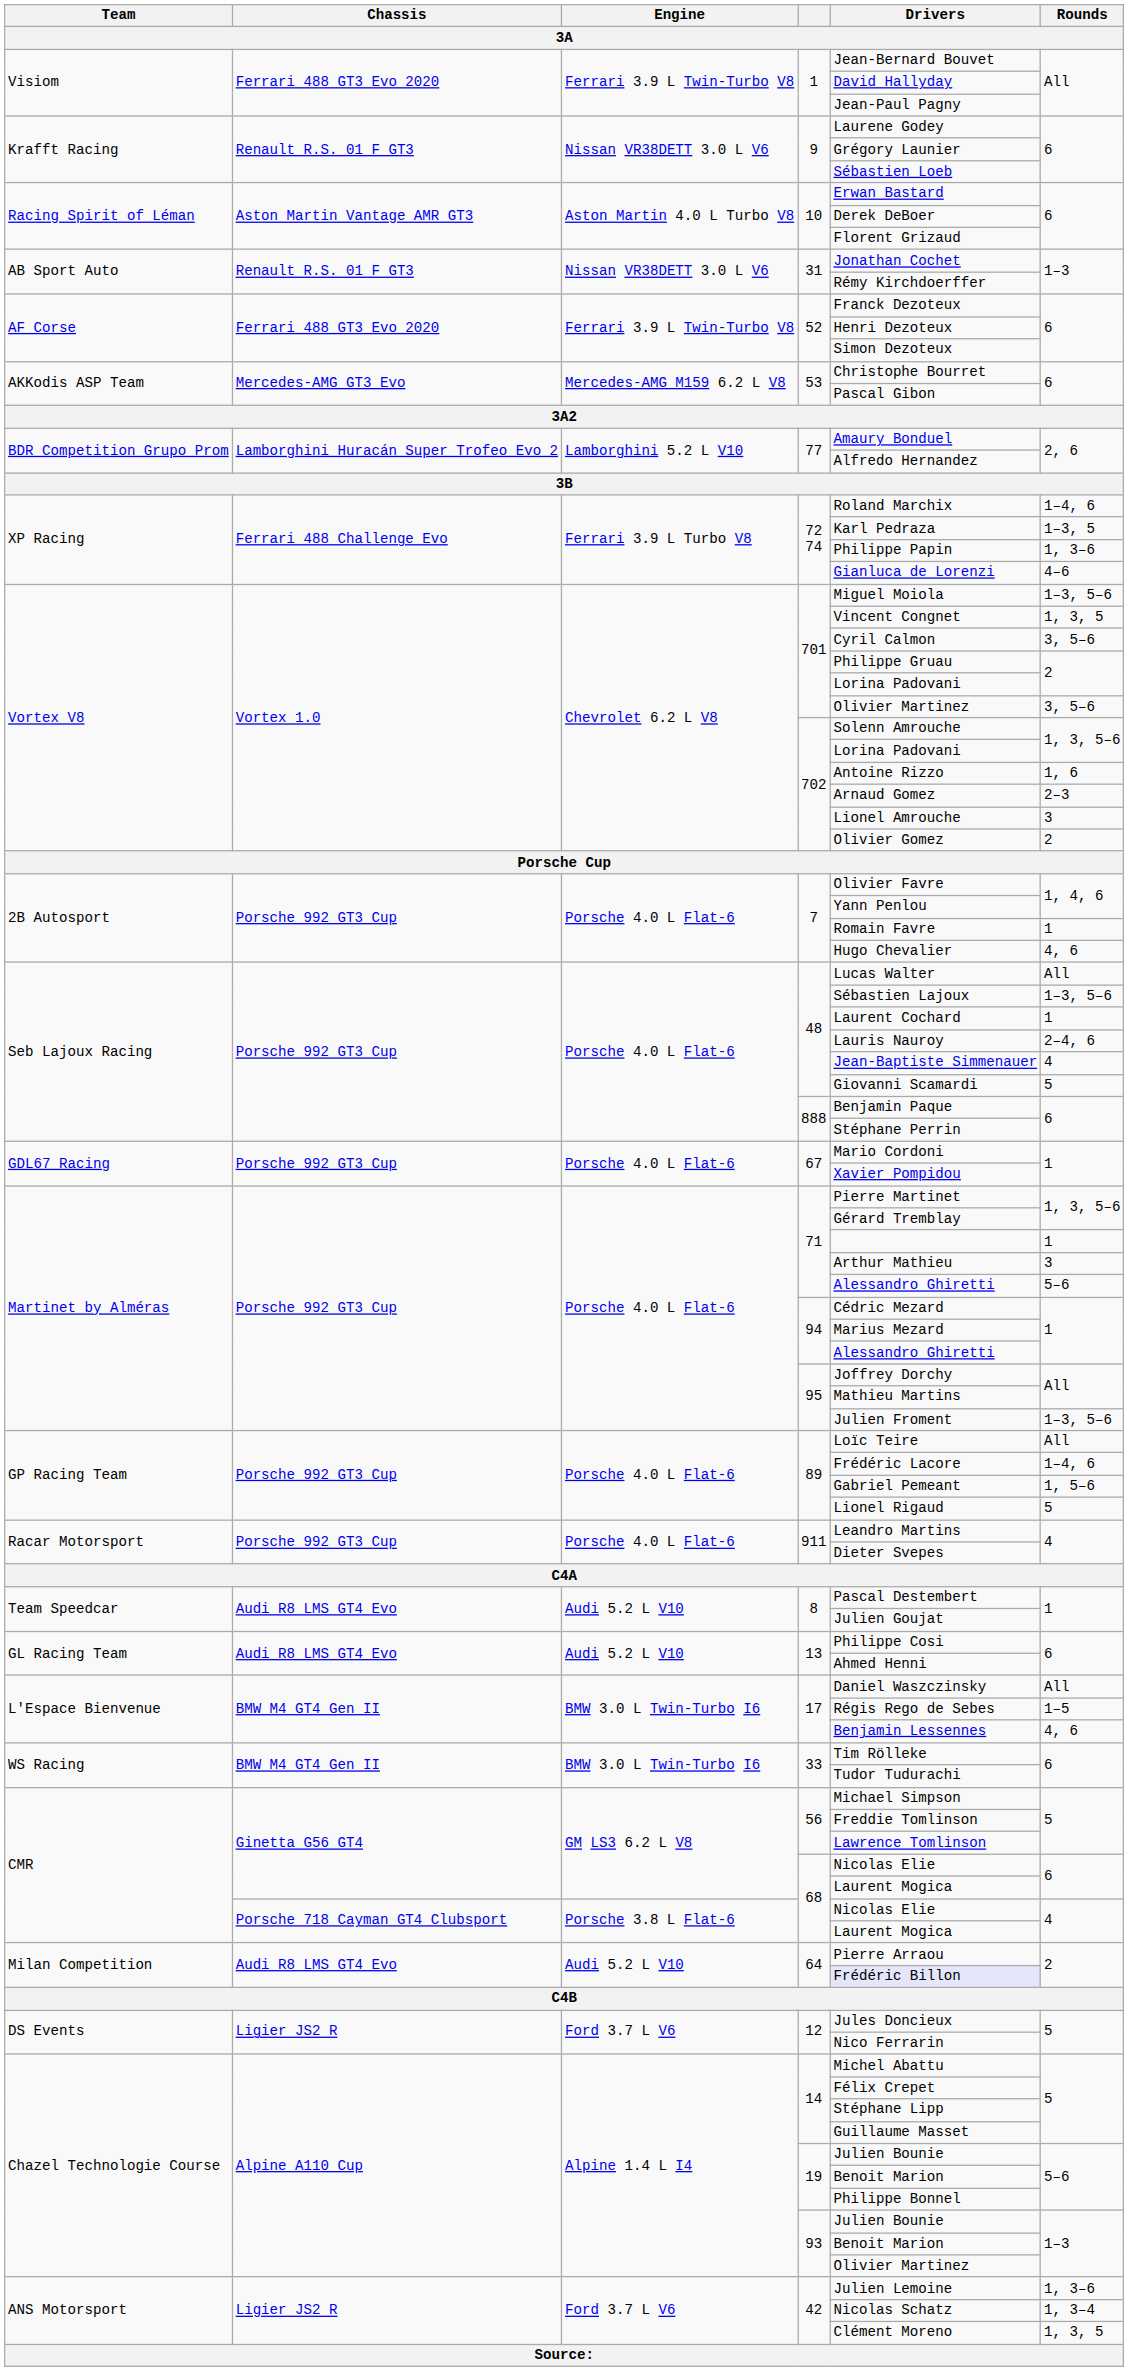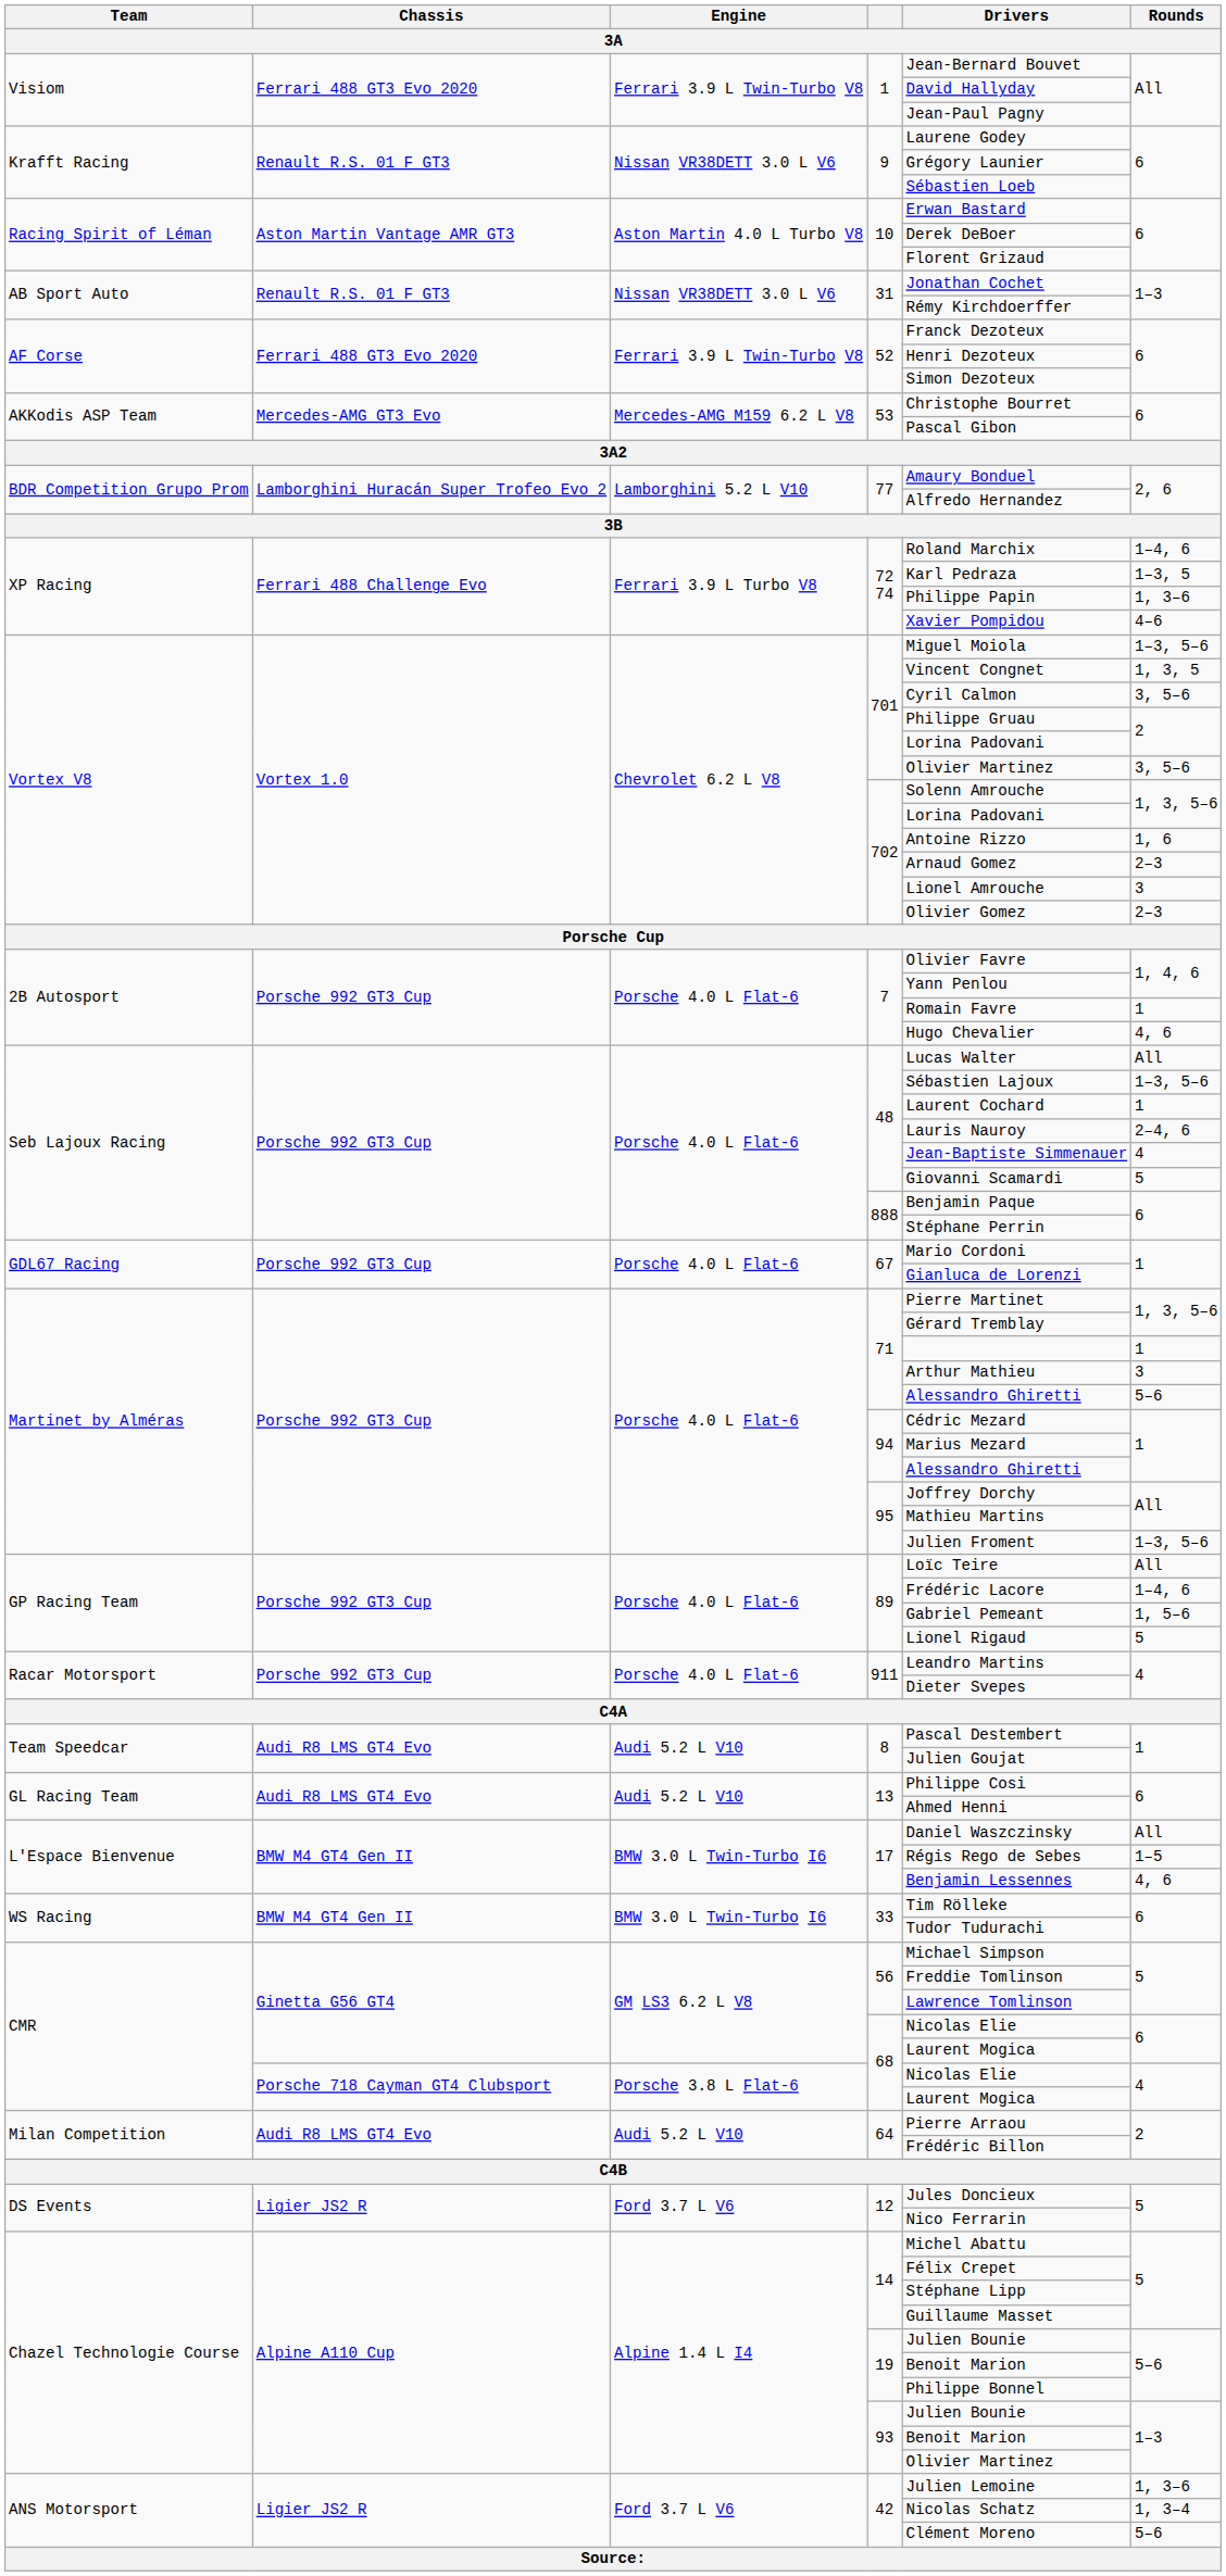 <table class="wikitable" style="font-size: 85%;">
 <tr>
 <th>Team</th>
 <th>Chassis</th>
 <th>Engine</th>
 <th></th>
 <th>Drivers</th>
 <th>Rounds</th>
 </tr>
 <tr>
 <th colspan=6>3A</th>
 </tr>
 <tr>
 <td rowspan=3> Visiom</td>
 <td rowspan=3><a href='#'>Ferrari 488 GT3 Evo 2020</a></td>
 <td rowspan=3><a href='#'>Ferrari</a> 3.9 L <a href='#'>Twin-Turbo</a> <a href='#'>V8</a></td>
 <td rowspan=3 align=center>1</td>
 <td> Jean-Bernard Bouvet</td>
 <td rowspan=3>All</td>
 </tr>
 <tr>
 <td> <a href='#'>David Hallyday</a></td>
 </tr>
 <tr>
 <td> Jean-Paul Pagny</td>
 </tr>
 <tr>
 <td rowspan=3> Krafft Racing</td>
 <td rowspan=3><a href='#'>Renault R.S. 01 F GT3</a></td>
 <td rowspan=3><a href='#'>Nissan</a> <a href='#'>VR38DETT</a> 3.0 L <a href='#'>V6</a></td>
 <td rowspan=3 align=center>9</td>
 <td> Laurene Godey</td>
 <td rowspan=3>6</td>
 </tr>
 <tr>
 <td> Grégory Launier</td>
 </tr>
 <tr>
 <td> <a href='#'>Sébastien Loeb</a></td>
 </tr>
 <tr>
 <td rowspan=3> <a href='#'>Racing Spirit of Léman</a></td>
 <td rowspan=3><a href='#'>Aston Martin Vantage AMR GT3</a></td>
 <td rowspan=3><a href='#'>Aston Martin</a> 4.0 L Turbo <a href='#'>V8</a></td>
 <td rowspan=3 align=center>10</td>
 <td> <a href='#'>Erwan Bastard</a></td>
 <td rowspan=3>6</td>
 </tr>
 <tr>
 <td> Derek DeBoer</td>
 </tr>
 <tr>
 <td> Florent Grizaud</td>
 </tr>
 <tr>
 <td rowspan=2> AB Sport Auto</td>
 <td rowspan=2><a href='#'>Renault R.S. 01 F GT3</a></td>
 <td rowspan=2><a href='#'>Nissan</a> <a href='#'>VR38DETT</a> 3.0 L <a href='#'>V6</a></td>
 <td rowspan=2 align=center>31</td>
 <td> <a href='#'>Jonathan Cochet</a></td>
 <td rowspan=2>1–3</td>
 </tr>
 <tr>
 <td> Rémy Kirchdoerffer</td>
 </tr>
 <tr>
 <td rowspan=3> <a href='#'>AF Corse</a></td>
 <td rowspan=3><a href='#'>Ferrari 488 GT3 Evo 2020</a></td>
 <td rowspan=3><a href='#'>Ferrari</a> 3.9 L <a href='#'>Twin-Turbo</a> <a href='#'>V8</a></td>
 <td rowspan=3 align=center>52</td>
 <td> Franck Dezoteux</td>
 <td rowspan=3>6</td>
 </tr>
 <tr>
 <td> Henri Dezoteux</td>
 </tr>
 <tr>
 <td> Simon Dezoteux</td>
 </tr>
 <tr>
 <td rowspan=2> AKKodis ASP Team</td>
 <td rowspan=2><a href='#'>Mercedes-AMG GT3 Evo</a></td>
 <td rowspan=2><a href='#'>Mercedes-AMG M159</a> 6.2 L <a href='#'>V8</a></td>
 <td rowspan=2 align=center>53</td>
 <td> Christophe Bourret</td>
 <td rowspan=2>6</td>
 </tr>
 <tr>
 <td> Pascal Gibon</td>
 </tr>
 <tr>
 <th colspan=6>3A2</th>
 </tr>
 <tr>
 <td rowspan=2> <a href='#'>BDR Competition Grupo Prom</a></td>
 <td rowspan=2><a href='#'>Lamborghini Huracán Super Trofeo Evo 2</a></td>
 <td rowspan=2><a href='#'>Lamborghini</a> 5.2 L <a href='#'>V10</a></td>
 <td rowspan=2 align=center>77</td>
 <td> <a href='#'>Amaury Bonduel</a></td>
 <td rowspan=2>2, 6</td>
 </tr>
 <tr>
 <td> Alfredo Hernandez</td>
 </tr>
 <tr>
 <th colspan=6>3B</th>
 </tr>
 <tr>
 <td rowspan=4> XP Racing</td>
 <td rowspan=4><a href='#'>Ferrari 488 Challenge Evo</a></td>
 <td rowspan=4><a href='#'>Ferrari</a> 3.9 L Turbo <a href='#'>V8</a></td>
 <td rowspan=4 align=center>72 <small></small><br>74 <small></small></td>
 <td> Roland Marchix</td>
 <td>1–4, 6</td>
 </tr>
 <tr>
 <td> Karl Pedraza</td>
 <td>1–3, 5</td>
 </tr>
 <tr>
 <td> Philippe Papin</td>
 <td>1, 3–6</td>
 </tr>
 <tr>
-<td> <a href='#'>Gianluca de Lorenzi</a></td>
+<td> <a href='#'>Xavier Pompidou</a></td>
 <td>4–6</td>
 </tr>
 <tr>
 <td rowspan=12> <a href='#'>Vortex V8</a></td>
 <td rowspan=12><a href='#'>Vortex 1.0</a></td>
 <td rowspan=12><a href='#'>Chevrolet</a> 6.2 L <a href='#'>V8</a></td>
 <td rowspan=6 align=center>701</td>
 <td> Miguel Moiola</td>
 <td>1–3, 5–6</td>
 </tr>
 <tr>
 <td> Vincent Congnet</td>
 <td>1, 3, 5</td>
 </tr>
 <tr>
 <td> Cyril Calmon</td>
 <td>3, 5–6</td>
 </tr>
 <tr>
 <td> Philippe Gruau</td>
 <td rowspan=2>2</td>
 </tr>
 <tr>
 <td> Lorina Padovani</td>
 </tr>
 <tr>
 <td> Olivier Martinez</td>
 <td>3, 5–6</td>
 </tr>
 <tr>
 <td rowspan=6 align=center>702</td>
 <td> Solenn Amrouche</td>
 <td rowspan=2>1, 3, 5–6</td>
 </tr>
 <tr>
 <td> Lorina Padovani</td>
 </tr>
 <tr>
 <td> Antoine Rizzo</td>
 <td>1, 6</td>
 </tr>
 <tr>
 <td> Arnaud Gomez</td>
 <td>2–3</td>
 </tr>
 <tr>
 <td> Lionel Amrouche</td>
 <td>3</td>
 </tr>
 <tr>
 <td> Olivier Gomez</td>
-<td>2</td>
+<td>2–3</td>
 </tr>
 <tr>
 <th colspan=6>Porsche Cup</th>
 </tr>
 <tr>
 <td rowspan=4> 2B Autosport</td>
 <td rowspan=4><a href='#'>Porsche 992 GT3 Cup</a></td>
 <td rowspan=4><a href='#'>Porsche</a> 4.0 L <a href='#'>Flat-6</a></td>
 <td rowspan=4 align=center>7</td>
 <td> Olivier Favre</td>
 <td rowspan=2>1, 4, 6</td>
 </tr>
 <tr>
 <td> Yann Penlou</td>
 </tr>
 <tr>
 <td> Romain Favre</td>
 <td>1</td>
 </tr>
 <tr>
 <td> Hugo Chevalier</td>
 <td>4, 6</td>
 </tr>
 <tr>
 <td rowspan=8> Seb Lajoux Racing</td>
 <td rowspan=8><a href='#'>Porsche 992 GT3 Cup</a></td>
 <td rowspan=8><a href='#'>Porsche</a> 4.0 L <a href='#'>Flat-6</a></td>
 <td rowspan=6 align=center>48</td>
 <td> Lucas Walter</td>
 <td>All</td>
 </tr>
 <tr>
 <td> Sébastien Lajoux</td>
 <td>1–3, 5–6</td>
 </tr>
 <tr>
 <td> Laurent Cochard</td>
 <td>1</td>
 </tr>
 <tr>
 <td> Lauris Nauroy</td>
 <td>2–4, 6</td>
 </tr>
 <tr>
 <td> <a href='#'>Jean-Baptiste Simmenauer</a></td>
 <td>4</td>
 </tr>
 <tr>
 <td> Giovanni Scamardi</td>
 <td>5</td>
 </tr>
 <tr>
 <td rowspan=2 align=center>888</td>
 <td> Benjamin Paque</td>
 <td rowspan=2>6</td>
 </tr>
 <tr>
 <td> Stéphane Perrin</td>
 </tr>
 <tr>
 <td rowspan=2> <a href='#'>GDL67 Racing</a></td>
 <td rowspan=2><a href='#'>Porsche 992 GT3 Cup</a></td>
 <td rowspan=2><a href='#'>Porsche</a> 4.0 L <a href='#'>Flat-6</a></td>
 <td rowspan=2 align=center>67</td>
 <td> Mario Cordoni</td>
 <td rowspan=2>1</td>
 </tr>
 <tr>
-<td> <a href='#'>Xavier Pompidou</a></td>
+<td> <a href='#'>Gianluca de Lorenzi</a></td>
 </tr>
 <tr>
 <td rowspan=11> <a href='#'>Martinet by Alméras</a></td>
 <td rowspan=11><a href='#'>Porsche 992 GT3 Cup</a></td>
 <td rowspan=11><a href='#'>Porsche</a> 4.0 L <a href='#'>Flat-6</a></td>
 <td rowspan=5 align=center>71</td>
 <td> Pierre Martinet</td>
 <td rowspan=2>1, 3, 5–6</td>
 </tr>
 <tr>
 <td> Gérard Tremblay</td>
 </tr>
 <tr>
 <td> </td>
 <td>1</td>
 </tr>
 <tr>
 <td> Arthur Mathieu</td>
 <td>3</td>
 </tr>
 <tr>
 <td> <a href='#'>Alessandro Ghiretti</a></td>
 <td>5–6</td>
 </tr>
 <tr>
 <td rowspan=3 align=center>94</td>
 <td> Cédric Mezard</td>
 <td rowspan=3>1</td>
 </tr>
 <tr>
 <td> Marius Mezard</td>
 </tr>
 <tr>
 <td> <a href='#'>Alessandro Ghiretti</a></td>
 </tr>
 <tr>
 <td rowspan=3 align=center>95</td>
 <td> Joffrey Dorchy</td>
 <td rowspan=2>All</td>
 </tr>
 <tr>
 <td> Mathieu Martins</td>
 </tr>
 <tr>
 <td> Julien Froment</td>
 <td>1–3, 5–6</td>
 </tr>
 <tr>
 <td rowspan=4> GP Racing Team</td>
 <td rowspan=4><a href='#'>Porsche 992 GT3 Cup</a></td>
 <td rowspan=4><a href='#'>Porsche</a> 4.0 L <a href='#'>Flat-6</a></td>
 <td rowspan=4 align=center>89</td>
 <td> Loïc Teire</td>
 <td>All</td>
 </tr>
 <tr>
 <td> Frédéric Lacore</td>
 <td>1–4, 6</td>
 </tr>
 <tr>
 <td> Gabriel Pemeant</td>
 <td>1, 5–6</td>
 </tr>
 <tr>
 <td> Lionel Rigaud</td>
 <td>5</td>
 </tr>
 <tr>
 <td rowspan=2> Racar Motorsport</td>
 <td rowspan=2><a href='#'>Porsche 992 GT3 Cup</a></td>
 <td rowspan=2><a href='#'>Porsche</a> 4.0 L <a href='#'>Flat-6</a></td>
 <td rowspan=2 align=center>911</td>
 <td> Leandro Martins</td>
 <td rowspan=2>4</td>
 </tr>
 <tr>
 <td> Dieter Svepes</td>
 </tr>
 <tr>
 <th colspan=6>C4A</th>
 </tr>
 <tr>
 <td rowspan=2> Team Speedcar</td>
 <td rowspan=2><a href='#'>Audi R8 LMS GT4 Evo</a></td>
 <td rowspan=2><a href='#'>Audi</a> 5.2 L <a href='#'>V10</a></td>
 <td rowspan=2 align=center>8</td>
 <td> Pascal Destembert</td>
 <td rowspan=2>1</td>
 </tr>
 <tr>
 <td> Julien Goujat</td>
 </tr>
 <tr>
 <td rowspan=2> GL Racing Team</td>
 <td rowspan=2><a href='#'>Audi R8 LMS GT4 Evo</a></td>
 <td rowspan=2><a href='#'>Audi</a> 5.2 L <a href='#'>V10</a></td>
 <td rowspan=2 align=center>13</td>
 <td> Philippe Cosi</td>
 <td rowspan=2>6</td>
 </tr>
 <tr>
 <td> Ahmed Henni</td>
 </tr>
 <tr>
 <td rowspan=3> L'Espace Bienvenue</td>
 <td rowspan=3><a href='#'>BMW M4 GT4 Gen II</a></td>
 <td rowspan=3><a href='#'>BMW</a> 3.0 L <a href='#'>Twin-Turbo</a> <a href='#'>I6</a></td>
 <td rowspan=3 align=center>17</td>
 <td> Daniel Waszczinsky</td>
 <td>All</td>
 </tr>
 <tr>
 <td> Régis Rego de Sebes</td>
 <td>1–5</td>
 </tr>
 <tr>
 <td> <a href='#'>Benjamin Lessennes</a></td>
 <td>4, 6</td>
 </tr>
 <tr>
 <td rowspan=2> WS Racing</td>
 <td rowspan=2><a href='#'>BMW M4 GT4 Gen II</a></td>
 <td rowspan=2><a href='#'>BMW</a> 3.0 L <a href='#'>Twin-Turbo</a> <a href='#'>I6</a></td>
 <td rowspan=2 align=center>33</td>
 <td> Tim Rölleke</td>
 <td rowspan=2>6</td>
 </tr>
 <tr>
 <td> Tudor Tudurachi</td>
 </tr>
 <tr>
 <td rowspan=7> CMR</td>
 <td rowspan=5><a href='#'>Ginetta G56 GT4</a></td>
 <td rowspan=5><a href='#'>GM</a> <a href='#'>LS3</a> 6.2 L <a href='#'>V8</a></td>
 <td rowspan=3 align=center>56</td>
 <td> Michael Simpson</td>
 <td rowspan=3>5</td>
 </tr>
 <tr>
 <td> Freddie Tomlinson</td>
 </tr>
 <tr>
 <td> <a href='#'>Lawrence Tomlinson</a></td>
 </tr>
 <tr>
 <td rowspan=4 align=center>68</td>
 <td> Nicolas Elie</td>
 <td rowspan=2>6</td>
 </tr>
 <tr>
 <td> Laurent Mogica</td>
 </tr>
 <tr>
 <td rowspan=2><a href='#'>Porsche 718 Cayman GT4 Clubsport</a></td>
 <td rowspan=2><a href='#'>Porsche</a> 3.8 L <a href='#'>Flat-6</a></td>
 <td> Nicolas Elie</td>
 <td rowspan=2>4</td>
 </tr>
 <tr>
 <td> Laurent Mogica</td>
 </tr>
 <tr>
 <td rowspan=2> Milan Competition</td>
 <td rowspan=2><a href='#'>Audi R8 LMS GT4 Evo</a></td>
 <td rowspan=2><a href='#'>Audi</a> 5.2 L <a href='#'>V10</a></td>
 <td rowspan=2 align=center>64</td>
 <td> Pierre Arraou</td>
 <td rowspan=2>2</td>
 </tr>
 <tr>
-<td style="background: lavender;"> Frédéric Billon</td>
+<td> Frédéric Billon</td>
 </tr>
 <tr>
 <th colspan=6>C4B</th>
 </tr>
 <tr>
 <td rowspan=2> DS Events</td>
 <td rowspan=2><a href='#'>Ligier JS2 R</a></td>
 <td rowspan=2><a href='#'>Ford</a> 3.7 L <a href='#'>V6</a></td>
 <td rowspan=2 align=center>12</td>
 <td> Jules Doncieux</td>
 <td rowspan=2>5</td>
 </tr>
 <tr>
 <td> Nico Ferrarin</td>
 </tr>
 <tr>
 <td rowspan=10> Chazel Technologie Course</td>
 <td rowspan=10><a href='#'>Alpine A110 Cup</a></td>
 <td rowspan=10><a href='#'>Alpine</a> 1.4 L <a href='#'>I4</a></td>
 <td rowspan=4 align=center>14</td>
 <td> Michel Abattu</td>
 <td rowspan=4>5</td>
 </tr>
 <tr>
 <td> Félix Crepet</td>
 </tr>
 <tr>
 <td> Stéphane Lipp</td>
 </tr>
 <tr>
 <td> Guillaume Masset</td>
 </tr>
 <tr>
 <td rowspan=3 align=center>19</td>
 <td> Julien Bounie</td>
 <td rowspan=3>5–6</td>
 </tr>
 <tr>
 <td> Benoit Marion</td>
 </tr>
 <tr>
 <td> Philippe Bonnel</td>
 </tr>
 <tr>
 <td rowspan=3 align=center>93</td>
 <td> Julien Bounie</td>
 <td rowspan=3>1–3</td>
 </tr>
 <tr>
 <td> Benoit Marion</td>
 </tr>
 <tr>
 <td> Olivier Martinez</td>
 </tr>
 <tr>
 <td rowspan=3> ANS Motorsport</td>
 <td rowspan=3><a href='#'>Ligier JS2 R</a></td>
 <td rowspan=3><a href='#'>Ford</a> 3.7 L <a href='#'>V6</a></td>
 <td rowspan=3 align=center>42</td>
 <td> Julien Lemoine</td>
 <td>1, 3–6</td>
 </tr>
 <tr>
 <td> Nicolas Schatz</td>
 <td>1, 3–4</td>
 </tr>
 <tr>
 <td> Clément Moreno</td>
-<td>1, 3, 5</td>
+<td>5–6</td>
 </tr>
 <tr>
 <th colspan=6>Source:</th>
 </tr>
 </table>
